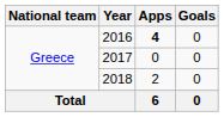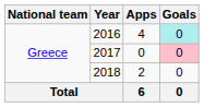 <table class="wikitable" style="text-align:center">
 <tr>
 <th>National team</th>
 <th>Year</th>
 <th>Apps</th>
 <th>Goals</th>
 </tr>
 <tr>
 <td rowspan="3"><a href='#'>Greece</a></td>
 <td>2016</td>
-<td><strong>4</strong></td>
-<td>0</td>
+<td>4</td>
+<td style="background: paleturquoise;">0</td>
 </tr>
 <tr>
 <td>2017</td>
 <td>0</td>
-<td>0</td>
+<td style="background: pink;">0</td>
 </tr>
 <tr>
 <td>2018</td>
 <td>2</td>
 <td>0</td>
 </tr>
 <tr>
 <th colspan="2">Total</th>
 <th>6</th>
 <th>0</th>
 </tr>
 </table>
